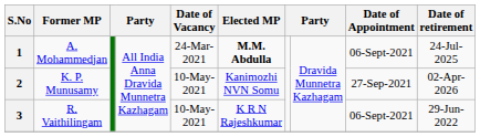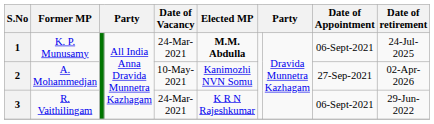 <table class="wikitable sortable">
 <tr>
 <th>S.No</th>
 <th>Former MP</th>
 <th colspan="2">Party</th>
 <th>Date of Vacancy</th>
 <th>Elected MP</th>
 <th colspan="2">Party</th>
 <th><strong>Date of Appointment</strong></th>
 <th>Date of retirement</th>
 </tr>
 <tr style="text-align:center;">
 <th>1</th>
-<td><a href='#'>A. Mohammedjan</a></td>
+<td><a href='#'>K. P. Munusamy</a></td>
 <td rowspan="3" bgcolor="#007500"></td>
 <td rowspan="3"><a href='#'>All India Anna Dravida Munnetra Kazhagam</a></td>
 <td>24-Mar-2021</td>
 <td><strong>M.M. Abdulla</strong></td>
 <td rowspan="3" width="1px"></td>
 <td rowspan="3"><a href='#'>Dravida Munnetra Kazhagam</a></td>
 <td>06-Sept-2021</td>
 <td>24-Jul-2025</td>
 </tr>
 <tr style="text-align:center;">
 <th>2</th>
-<td><a href='#'>K. P. Munusamy</a></td>
+<td><a href='#'>A. Mohammedjan</a></td>
 <td>10-May-2021</td>
 <td><a href='#'>Kanimozhi NVN Somu</a></td>
 <td>27-Sep-2021</td>
 <td>02-Apr-2026</td>
 </tr>
 <tr style="text-align:center;">
 <th>3</th>
 <td><a href='#'>R. Vaithilingam</a></td>
-<td>10-May-2021</td>
+<td>24-Mar-2021</td>
 <td><a href='#'>K R N Rajeshkumar</a></td>
 <td>06-Sept-2021</td>
 <td>29-Jun-2022</td>
 </tr>
 <tr style="text-align:center;">
 </tr>
 </table>
